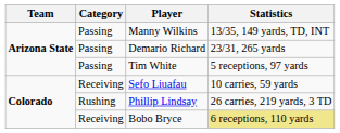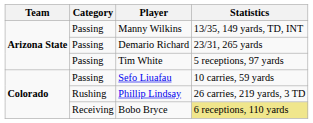 <table class="wikitable" style="float: right;">
 <tr>
 <th>Team</th>
 <th>Category</th>
 <th>Player</th>
 <th>Statistics</th>
 </tr>
 <tr>
 <td rowspan=3><strong>Arizona State</strong></td>
 <td>Passing</td>
 <td>Manny Wilkins</td>
 <td>13/35, 149 yards, TD, INT</td>
 </tr>
 <tr>
 <td>Passing</td>
 <td>Demario Richard</td>
 <td>23/31, 265 yards</td>
 </tr>
 <tr>
 <td>Passing</td>
 <td>Tim White</td>
 <td>5 receptions, 97 yards</td>
 </tr>
 <tr>
 <td rowspan=3><strong>Colorado</strong></td>
-<td>Receiving</td>
+<td>Passing</td>
 <td><a href='#'>Sefo Liuafau</a></td>
 <td>10 carries, 59 yards</td>
 </tr>
 <tr>
 <td>Rushing</td>
 <td><a href='#'>Phillip Lindsay</a></td>
 <td>26 carries, 219 yards, 3 TD</td>
 </tr>
 <tr>
 <td>Receiving</td>
 <td>Bobo Bryce</td>
 <td style="background: khaki;">6 receptions, 110 yards</td>
 </tr>
 </table>
